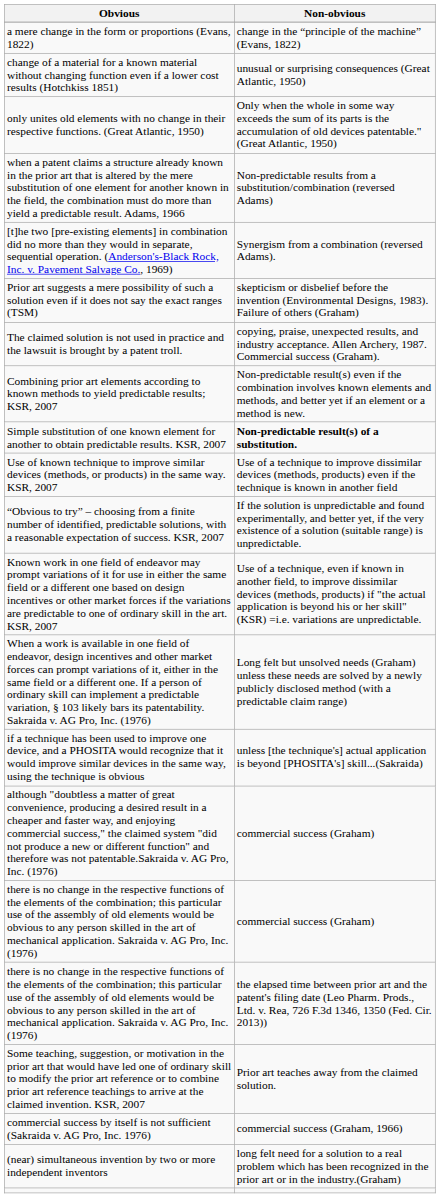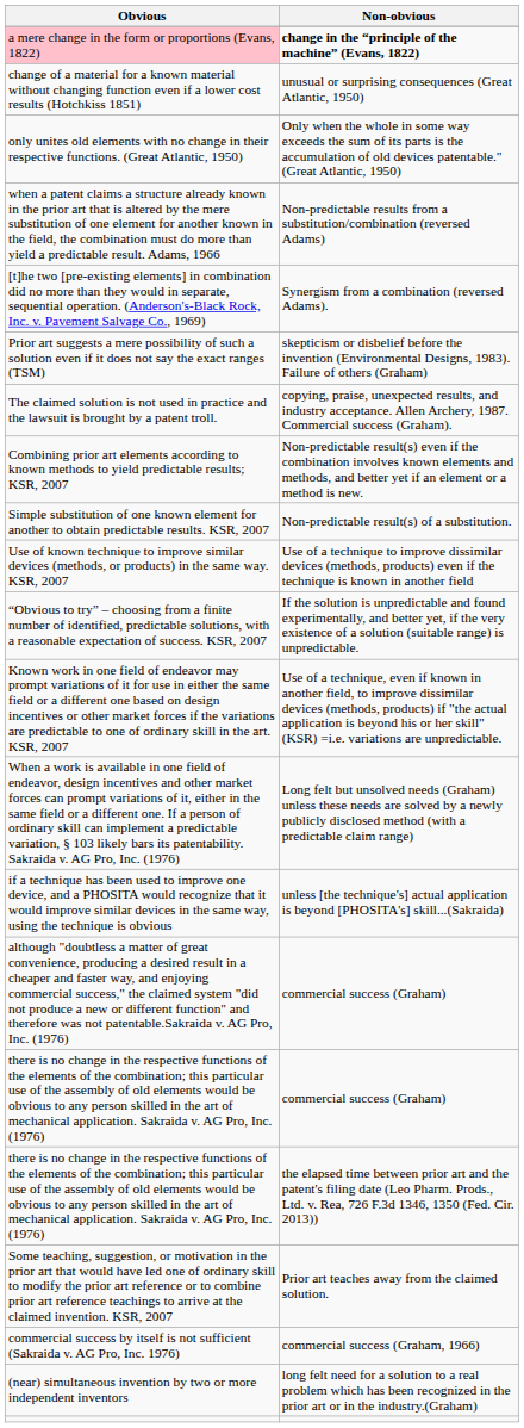 <table class="wikitable">
 <tr>
 <th>Obvious</th>
 <th>Non-obvious</th>
 </tr>
 <tr>
 </tr>
 <tr>
-<td>a mere change in the form or proportions (Evans, 1822)</td>
-<td>change in the “principle of the machine” (Evans, 1822)</td>
+<td style="background: pink;">a mere change in the form or proportions (Evans, 1822)</td>
+<td><strong>change in the “principle of the machine” (Evans, 1822)</strong></td>
 </tr>
 <tr>
 <td>change of a material for a known material without changing function even if a lower cost results (Hotchkiss 1851)</td>
 <td>unusual or surprising consequences (Great Atlantic, 1950)</td>
 </tr>
 <tr>
 <td>only unites old elements with no change in their respective functions. (Great Atlantic, 1950)</td>
 <td>Only when the whole in some way exceeds the sum of its parts is the accumulation of old devices patentable." (Great Atlantic, 1950)</td>
 </tr>
 <tr>
 <td>when a patent claims a structure already known in the prior art that is altered by the mere substitution of one element for another known in the field, the combination must do more than yield a predictable result. Adams, 1966</td>
 <td>Non-predictable results from a substitution/combination (reversed Adams)</td>
 </tr>
 <tr>
 <td>[t]he two [pre-existing elements] in combination did no more than they would in separate, sequential operation. (<a href='#'>Anderson's-Black Rock, Inc. v. Pavement Salvage Co.</a>, 1969)</td>
 <td>Synergism from a combination (reversed Adams).</td>
 </tr>
 <tr>
 <td>Prior art suggests a mere possibility of such a solution even if it does not say the exact ranges (TSM)</td>
 <td>skepticism or disbelief before the invention (Environmental Designs, 1983). Failure of others (Graham)</td>
 </tr>
 <tr>
 <td>The claimed solution is not used in practice and the lawsuit is brought by a patent troll.</td>
 <td>copying, praise, unexpected results, and industry acceptance. Allen Archery, 1987. Commercial success (Graham).</td>
 </tr>
 <tr>
 <td>Combining prior art elements according to known methods to yield predictable results; KSR, 2007</td>
 <td>Non-predictable result(s) even if the combination involves known elements and methods, and better yet if an element or a method is new.</td>
 </tr>
 <tr>
 <td>Simple substitution of one known element for another to obtain predictable results. KSR, 2007</td>
-<td><strong>Non-predictable result(s) of a substitution.</strong></td>
+<td>Non-predictable result(s) of a substitution.</td>
 </tr>
 <tr>
 <td>Use of known technique to improve similar devices (methods, or products) in the same way. KSR, 2007</td>
 <td>Use of a technique to improve dissimilar devices (methods, products) even if the technique is known in another field</td>
 </tr>
 <tr>
 <td>“Obvious to try” – choosing from a finite number of identified, predictable solutions, with a reasonable expectation of success. KSR, 2007</td>
 <td>If the solution is unpredictable and found experimentally, and better yet, if the very existence of a solution (suitable range) is unpredictable.</td>
 </tr>
 <tr>
 <td>Known work in one field of endeavor may prompt variations of it for use in either the same field or a different one based on design incentives or other market forces if the variations are predictable to one of ordinary skill in the art. KSR, 2007</td>
 <td>Use of a technique, even if known in another field, to improve dissimilar devices (methods, products) if "the actual application is beyond his or her skill" (KSR) =i.e. variations are unpredictable.</td>
 </tr>
 <tr>
 <td>When a work is available in one field of endeavor, design incentives and other market forces can prompt variations of it, either in the same field or a different one. If a person of ordinary skill can implement a predictable variation, § 103 likely bars its patentability. Sakraida v. AG Pro, Inc. (1976)</td>
 <td>Long felt but unsolved needs (Graham) unless these needs are solved by a newly publicly disclosed method (with a predictable claim range)</td>
 </tr>
 <tr>
 <td>if a technique has been used to improve one device, and a PHOSITA would recognize that it would improve similar devices in the same way, using the technique is obvious</td>
 <td>unless [the technique's] actual application is beyond [PHOSITA's] skill...(Sakraida)</td>
 </tr>
 <tr>
 <td>although "doubtless a matter of great convenience, producing a desired result in a cheaper and faster way, and enjoying commercial success," the claimed system "did not produce a new or different function" and therefore was not patentable.Sakraida v. AG Pro, Inc. (1976)</td>
 <td>commercial success (Graham)</td>
 </tr>
 <tr>
 <td>there is no change in the respective functions of the elements of the combination; this particular use of the assembly of old elements would be obvious to any person skilled in the art of mechanical application. Sakraida v. AG Pro, Inc. (1976)</td>
 <td>commercial success (Graham)</td>
 </tr>
 <tr>
 <td>there is no change in the respective functions of the elements of the combination; this particular use of the assembly of old elements would be obvious to any person skilled in the art of mechanical application. Sakraida v. AG Pro, Inc. (1976)</td>
 <td>the elapsed time between prior art and the patent's filing date (Leo Pharm. Prods., Ltd. v. Rea, 726 F.3d 1346, 1350 (Fed. Cir. 2013))</td>
 </tr>
 <tr>
 <td>Some teaching, suggestion, or motivation in the prior art that would have led one of ordinary skill to modify the prior art reference or to combine prior art reference teachings to arrive at the claimed invention. KSR, 2007</td>
 <td>Prior art teaches away from the claimed solution.</td>
 </tr>
 <tr>
 <td>commercial success by itself is not sufficient (Sakraida v. AG Pro, Inc. 1976)</td>
 <td>commercial success (Graham, 1966)</td>
 </tr>
 <tr>
 <td>(near) simultaneous invention by two or more independent inventors</td>
 <td>long felt need for a solution to a real problem which has been recognized in the prior art or in the industry.(Graham)</td>
 </tr>
 <tr>
 <td></td>
 </tr>
 </table>
